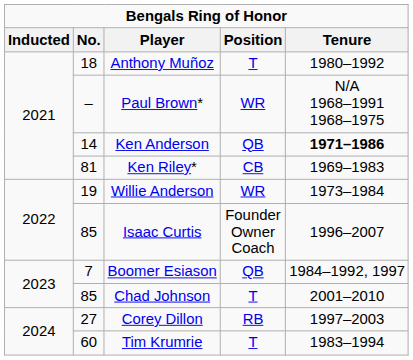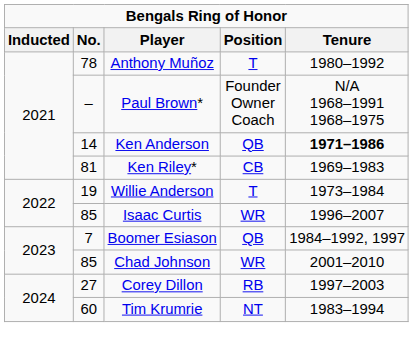 <table class="wikitable" style="text-align:center">
 <tr>
 <td colspan="5"><strong>Bengals Ring of Honor</strong></td>
 </tr>
 <tr>
 <th>Inducted</th>
 <th>No.</th>
 <th>Player</th>
 <th>Position</th>
 <th>Tenure</th>
 </tr>
 <tr>
 <td rowspan=4>2021</td>
-<td>18</td>
+<td>78</td>
 <td><a href='#'>Anthony Muñoz</a></td>
 <td><a href='#'>T</a></td>
 <td>1980–1992</td>
 </tr>
 <tr>
 <td>–</td>
 <td><a href='#'>Paul Brown</a>*</td>
-<td><a href='#'>WR</a></td>
+<td>Founder<br>Owner<br>Coach</td>
 <td>N/A<br>1968–1991<br>1968–1975</td>
 </tr>
 <tr>
 <td>14</td>
 <td><a href='#'>Ken Anderson</a></td>
 <td><a href='#'>QB</a></td>
 <td><strong>1971–1986</strong></td>
 </tr>
 <tr>
 <td>81</td>
 <td><a href='#'>Ken Riley</a>*</td>
 <td><a href='#'>CB</a></td>
 <td>1969–1983</td>
 </tr>
 <tr>
 <td rowspan=2>2022</td>
 <td>19</td>
 <td><a href='#'>Willie Anderson</a></td>
-<td><a href='#'>WR</a></td>
+<td><a href='#'>T</a></td>
 <td>1973–1984</td>
 </tr>
 <tr>
 <td>85</td>
 <td><a href='#'>Isaac Curtis</a></td>
-<td>Founder<br>Owner<br>Coach</td>
+<td><a href='#'>WR</a></td>
 <td>1996–2007</td>
 </tr>
 <tr>
 <td rowspan=2>2023</td>
 <td>7</td>
 <td><a href='#'>Boomer Esiason</a></td>
 <td><a href='#'>QB</a></td>
 <td>1984–1992, 1997</td>
 </tr>
 <tr>
 <td>85</td>
 <td><a href='#'>Chad Johnson</a></td>
-<td><a href='#'>T</a></td>
+<td><a href='#'>WR</a></td>
 <td>2001–2010</td>
 </tr>
 <tr>
 <td rowspan=2>2024</td>
 <td>27</td>
 <td><a href='#'>Corey Dillon</a></td>
 <td><a href='#'>RB</a></td>
 <td>1997–2003</td>
 </tr>
 <tr>
 <td>60</td>
 <td><a href='#'>Tim Krumrie</a></td>
-<td><a href='#'>T</a></td>
+<td><a href='#'>NT</a></td>
 <td>1983–1994</td>
 </tr>
 </table>
